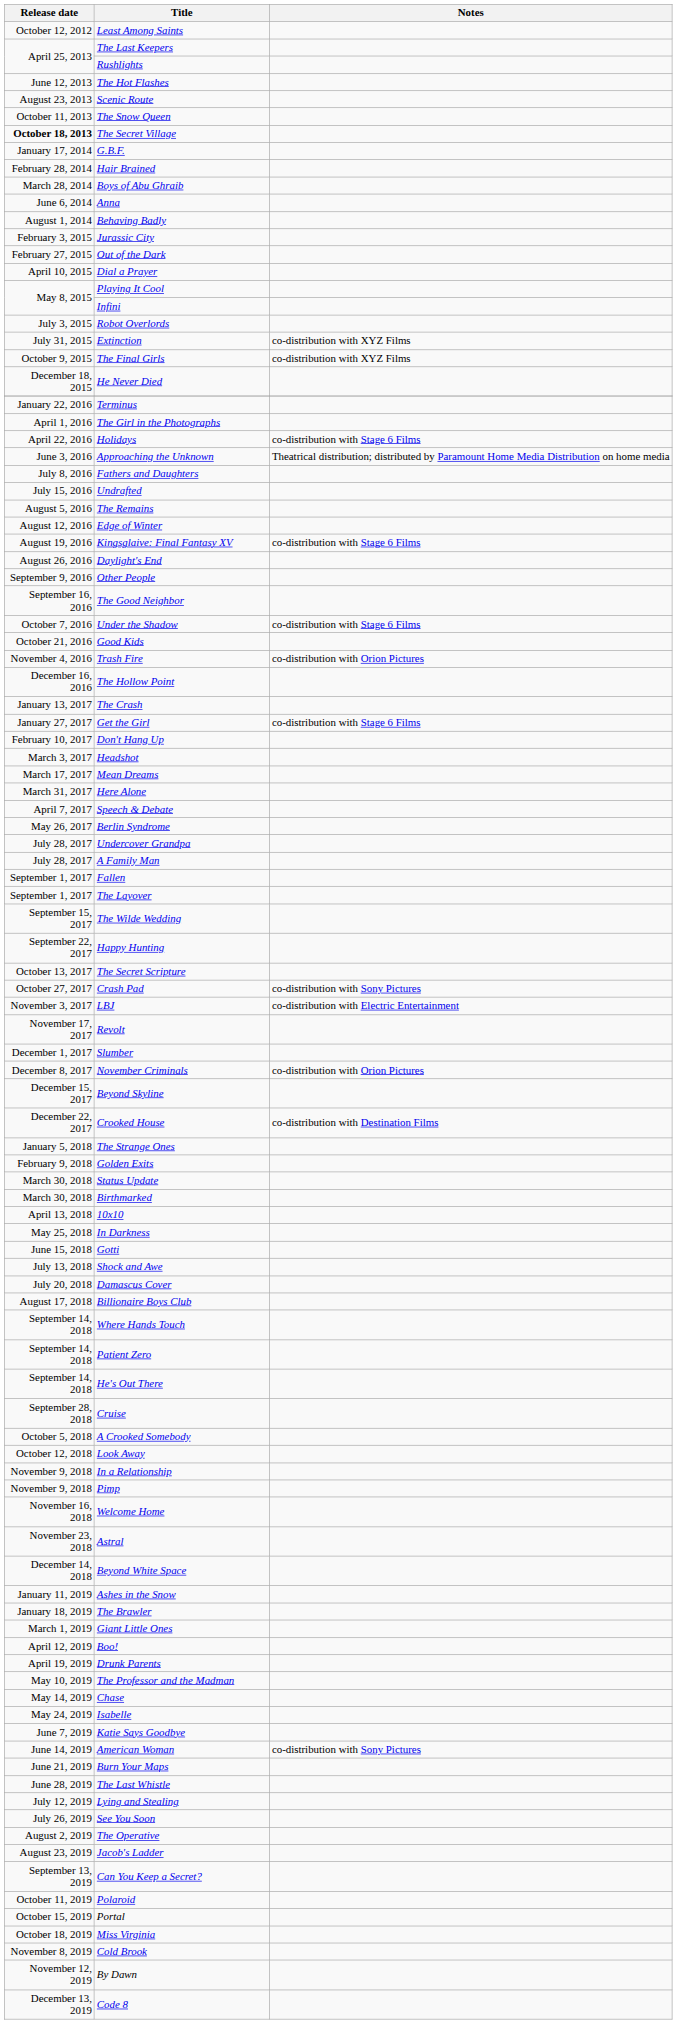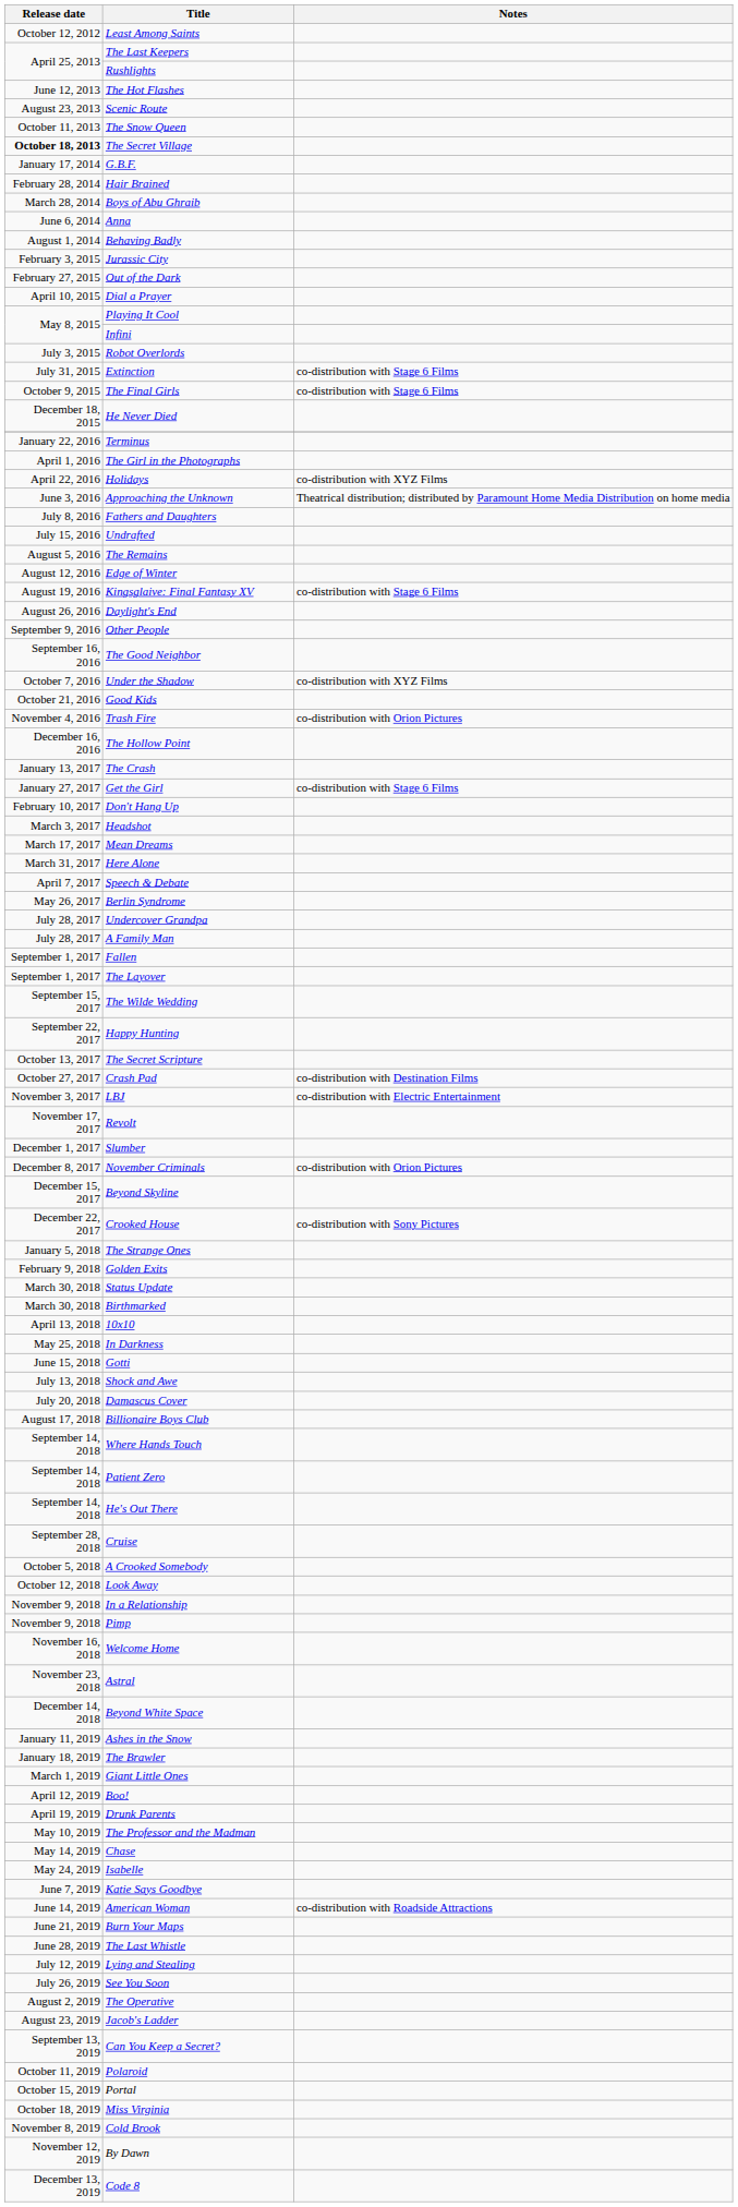 <table class="wikitable sortable">
 <tr>
 <th style="width:125px;">Release date</th>
 <th style="width:250px;">Title</th>
 <th>Notes</th>
 </tr>
 <tr>
 <td style="text-align:right;">October 12, 2012</td>
 <td><em><a href='#'>Least Among Saints</a></em></td>
 <td></td>
 </tr>
 <tr>
 <td rowspan="2" style="text-align:right;">April 25, 2013</td>
 <td><em><a href='#'>The Last Keepers</a></em></td>
 <td></td>
 </tr>
 <tr>
 <td><em><a href='#'>Rushlights</a></em></td>
 <td></td>
 </tr>
 <tr>
 <td style=text-align:right;>June 12, 2013</td>
 <td><em><a href='#'>The Hot Flashes</a></em></td>
 <td></td>
 </tr>
 <tr>
 <td style="text-align:right;">August 23, 2013</td>
 <td><em><a href='#'>Scenic Route</a></em></td>
 <td></td>
 </tr>
 <tr>
 <td style="text-align:right;">October 11, 2013</td>
 <td><em><a href='#'>The Snow Queen</a></em></td>
 <td></td>
 </tr>
 <tr>
 <td style =text-align:right;><strong>October 18, 2013</strong></td>
 <td><em><a href='#'>The Secret Village</a></em></td>
 <td></td>
 </tr>
 <tr>
 <td style="text-align:right;">January 17, 2014</td>
 <td><em><a href='#'>G.B.F.</a></em></td>
 <td></td>
 </tr>
 <tr>
 <td style="text-align:right;">February 28, 2014</td>
 <td><em><a href='#'>Hair Brained</a></em></td>
 <td></td>
 </tr>
 <tr>
 <td style="text-align:right;">March 28, 2014</td>
 <td><em><a href='#'>Boys of Abu Ghraib</a></em></td>
 <td></td>
 </tr>
 <tr>
 <td style="text-align:right;">June 6, 2014</td>
 <td><em><a href='#'>Anna</a></em></td>
 <td></td>
 </tr>
 <tr>
 <td style="text-align:right;">August 1, 2014</td>
 <td><em><a href='#'>Behaving Badly</a></em></td>
 <td></td>
 </tr>
 <tr>
 <td style="text-align:right;">February 3, 2015</td>
 <td><em><a href='#'>Jurassic City</a></em></td>
 <td></td>
 </tr>
 <tr>
 <td style="text-align:right;">February 27, 2015</td>
 <td><em><a href='#'>Out of the Dark</a></em></td>
 <td></td>
 </tr>
 <tr>
 <td style="text-align:right;">April 10, 2015</td>
 <td><em><a href='#'>Dial a Prayer</a></em></td>
 <td></td>
 </tr>
 <tr>
 <td rowspan="2" style="text-align:right;">May 8, 2015</td>
 <td><em><a href='#'>Playing It Cool</a></em></td>
 <td></td>
 </tr>
 <tr>
 <td><em><a href='#'>Infini</a></em></td>
 <td></td>
 </tr>
 <tr>
 <td style="text-align:right;">July 3, 2015</td>
 <td><em><a href='#'>Robot Overlords</a></em></td>
 <td></td>
 </tr>
 <tr>
 <td style=text-align:right;>July 31, 2015</td>
 <td><em><a href='#'>Extinction</a></em></td>
-<td>co-distribution with XYZ Films</td>
+<td>co-distribution with <a href='#'>Stage 6 Films</a></td>
 </tr>
 <tr>
 <td style=text-align:right;>October 9, 2015</td>
 <td><em><a href='#'>The Final Girls</a></em></td>
-<td>co-distribution with XYZ Films</td>
+<td>co-distribution with <a href='#'>Stage 6 Films</a></td>
 </tr>
 <tr>
 <td style=text-align:right;>December 18, 2015</td>
 <td><em><a href='#'>He Never Died</a></em></td>
 <td></td>
 </tr>
 <tr>
 </tr>
 <tr>
 <td style=text-align:right;>January 22, 2016</td>
 <td><em><a href='#'>Terminus</a></em></td>
 <td></td>
 </tr>
 <tr>
 <td style=text-align:right;>April 1, 2016</td>
 <td><em><a href='#'>The Girl in the Photographs</a></em></td>
 <td></td>
 </tr>
 <tr>
 <td style=text-align:right;>April 22, 2016</td>
 <td><em><a href='#'>Holidays</a></em></td>
-<td>co-distribution with <a href='#'>Stage 6 Films</a></td>
+<td>co-distribution with XYZ Films</td>
 </tr>
 <tr>
 <td style=text-align:right;>June 3, 2016</td>
 <td><em><a href='#'>Approaching the Unknown</a></em></td>
 <td>Theatrical distribution; distributed by <a href='#'>Paramount Home Media Distribution</a> on home media</td>
 </tr>
 <tr>
 <td style=text-align:right;>July 8, 2016</td>
 <td><em><a href='#'>Fathers and Daughters</a></em></td>
 <td></td>
 </tr>
 <tr>
 <td style=text-align:right;>July 15, 2016</td>
 <td><em><a href='#'>Undrafted</a></em></td>
 <td></td>
 </tr>
 <tr>
 <td style=text-align:right;>August 5, 2016</td>
 <td><em><a href='#'>The Remains</a></em></td>
 <td></td>
 </tr>
 <tr>
 <td style=text-align:right;>August 12, 2016</td>
 <td><em><a href='#'>Edge of Winter</a></em></td>
 <td></td>
 </tr>
 <tr>
 <td style=text-align:right;>August 19, 2016</td>
 <td><em><a href='#'>Kingsglaive: Final Fantasy XV</a></em></td>
 <td>co-distribution with <a href='#'>Stage 6 Films</a></td>
 </tr>
 <tr>
 <td style=text-align:right;>August 26, 2016</td>
 <td><em><a href='#'>Daylight's End</a></em></td>
 <td></td>
 </tr>
 <tr>
 <td style=text-align:right;>September 9, 2016</td>
 <td><em><a href='#'>Other People</a></em></td>
 <td></td>
 </tr>
 <tr>
 <td style=text-align:right;>September 16, 2016</td>
 <td><em><a href='#'>The Good Neighbor</a></em></td>
 <td></td>
 </tr>
 <tr>
 <td style=text-align:right;>October 7, 2016</td>
 <td><em><a href='#'>Under the Shadow</a></em></td>
-<td>co-distribution with <a href='#'>Stage 6 Films</a></td>
+<td>co-distribution with XYZ Films</td>
 </tr>
 <tr>
 <td style=text-align:right;>October 21, 2016</td>
 <td><em><a href='#'>Good Kids</a></em></td>
 <td></td>
 </tr>
 <tr>
 <td style=text-align:right;>November 4, 2016</td>
 <td><em><a href='#'>Trash Fire</a></em></td>
 <td>co-distribution with <a href='#'>Orion Pictures</a></td>
 </tr>
 <tr>
 <td style="text-align:right;">December 16, 2016</td>
 <td><em><a href='#'>The Hollow Point</a></em></td>
 <td></td>
 </tr>
 <tr>
 <td style=text-align:right;>January 13, 2017</td>
 <td><em><a href='#'>The Crash</a></em></td>
 <td></td>
 </tr>
 <tr>
 <td style=text-align:right;>January 27, 2017</td>
 <td><em><a href='#'>Get the Girl</a></em></td>
 <td>co-distribution with <a href='#'>Stage 6 Films</a></td>
 </tr>
 <tr>
 <td style="text-align:right;">February 10, 2017</td>
 <td><em><a href='#'>Don't Hang Up</a></em></td>
 <td></td>
 </tr>
 <tr>
 <td style=text-align:right;>March 3, 2017</td>
 <td><em><a href='#'>Headshot</a></em></td>
 <td></td>
 </tr>
 <tr>
 <td style=text-align:right;>March 17, 2017</td>
 <td><em><a href='#'>Mean Dreams</a></em></td>
 <td></td>
 </tr>
 <tr>
 <td style=text-align:right;>March 31, 2017</td>
 <td><em><a href='#'>Here Alone</a></em></td>
 <td></td>
 </tr>
 <tr>
 <td style=text-align:right;>April 7, 2017</td>
 <td><em><a href='#'>Speech & Debate</a></em></td>
 <td></td>
 </tr>
 <tr>
 <td style=text-align:right;>May 26, 2017</td>
 <td><em><a href='#'>Berlin Syndrome</a></em></td>
 <td></td>
 </tr>
 <tr>
 <td style=text-align:right;>July 28, 2017</td>
 <td><em><a href='#'>Undercover Grandpa</a></em></td>
 <td></td>
 </tr>
 <tr>
 <td style=text-align:right;>July 28, 2017</td>
 <td><em><a href='#'>A Family Man</a></em></td>
 <td></td>
 </tr>
 <tr>
 <td style=text-align:right;>September 1, 2017</td>
 <td><em><a href='#'>Fallen</a></em></td>
 <td></td>
 </tr>
 <tr>
 <td style="text-align:right;">September 1, 2017</td>
 <td><em><a href='#'>The Layover</a></em></td>
 <td></td>
 </tr>
 <tr>
 <td style="text-align:right;">September 15, 2017</td>
 <td><em><a href='#'>The Wilde Wedding</a></em></td>
 <td></td>
 </tr>
 <tr>
 <td style=text-align:right;>September 22, 2017</td>
 <td><em><a href='#'>Happy Hunting</a></em></td>
 <td></td>
 </tr>
 <tr>
 <td style=text-align:right;>October 13, 2017</td>
 <td><em><a href='#'>The Secret Scripture</a></em></td>
 <td></td>
 </tr>
 <tr>
 <td style=text-align:right;>October 27, 2017</td>
 <td><em><a href='#'>Crash Pad</a></em></td>
-<td>co-distribution with <a href='#'>Sony Pictures</a></td>
+<td>co-distribution with <a href='#'>Destination Films</a></td>
 </tr>
 <tr>
 <td style=text-align:right;>November 3, 2017</td>
 <td><em><a href='#'>LBJ</a></em></td>
 <td>co-distribution with <a href='#'>Electric Entertainment</a></td>
 </tr>
 <tr>
 <td style=text-align:right;>November 17, 2017</td>
 <td><em><a href='#'>Revolt</a></em></td>
 <td></td>
 </tr>
 <tr>
 <td style=text-align:right;>December 1, 2017</td>
 <td><em><a href='#'>Slumber</a></em></td>
 <td></td>
 </tr>
 <tr>
 <td style=text-align:right;>December 8, 2017</td>
 <td><em><a href='#'>November Criminals</a></em></td>
 <td>co-distribution with <a href='#'>Orion Pictures</a></td>
 </tr>
 <tr>
 <td style=text-align:right;>December 15, 2017</td>
 <td><em><a href='#'>Beyond Skyline</a></em></td>
 <td></td>
 </tr>
 <tr>
 <td style=text-align:right;>December 22, 2017</td>
 <td><em><a href='#'>Crooked House</a></em></td>
-<td>co-distribution with <a href='#'>Destination Films</a></td>
+<td>co-distribution with <a href='#'>Sony Pictures</a></td>
 </tr>
 <tr>
 <td style=text-align:right;>January 5, 2018</td>
 <td><em><a href='#'>The Strange Ones</a></em></td>
 <td></td>
 </tr>
 <tr>
 <td style=text-align:right;>February 9, 2018</td>
 <td><em><a href='#'>Golden Exits</a></em></td>
 <td></td>
 </tr>
 <tr>
 <td style=text-align:right;>March 30, 2018</td>
 <td><em><a href='#'>Status Update</a></em></td>
 <td></td>
 </tr>
 <tr>
 <td style=text-align:right;>March 30, 2018</td>
 <td><em><a href='#'>Birthmarked</a></em></td>
 <td></td>
 </tr>
 <tr>
 <td style=text-align:right;>April 13, 2018</td>
 <td><em><a href='#'>10x10</a></em></td>
 <td></td>
 </tr>
 <tr>
 <td style=text-align:right;>May 25, 2018</td>
 <td><em><a href='#'>In Darkness</a></em></td>
 <td></td>
 </tr>
 <tr>
 <td style=text-align:right;>June 15, 2018</td>
 <td><em><a href='#'>Gotti</a></em></td>
 <td></td>
 </tr>
 <tr>
 <td style=text-align:right;>July 13, 2018</td>
 <td><em><a href='#'>Shock and Awe</a></em></td>
 <td></td>
 </tr>
 <tr>
 <td style=text-align:right;>July 20, 2018</td>
 <td><em><a href='#'>Damascus Cover</a></em></td>
 <td></td>
 </tr>
 <tr>
 <td style=text-align:right;>August 17, 2018</td>
 <td><em><a href='#'>Billionaire Boys Club</a></em></td>
 <td></td>
 </tr>
 <tr>
 <td style=text-align:right;>September 14, 2018</td>
 <td><em><a href='#'>Where Hands Touch</a></em></td>
 <td></td>
 </tr>
 <tr>
 <td style=text-align:right;>September 14, 2018</td>
 <td><em><a href='#'>Patient Zero</a></em></td>
 <td></td>
 </tr>
 <tr>
 <td style=text-align:right;>September 14, 2018</td>
 <td><em><a href='#'>He's Out There</a></em></td>
 <td></td>
 </tr>
 <tr>
 <td style=text-align:right;>September 28, 2018</td>
 <td><em><a href='#'>Cruise</a></em></td>
 <td></td>
 </tr>
 <tr>
 <td style=text-align:right;>October 5, 2018</td>
 <td><em><a href='#'>A Crooked Somebody</a></em></td>
 <td></td>
 </tr>
 <tr>
 <td style=text-align:right;>October 12, 2018</td>
 <td><em><a href='#'>Look Away</a></em></td>
 <td></td>
 </tr>
 <tr>
 <td style=text-align:right;>November 9, 2018</td>
 <td><em><a href='#'>In a Relationship</a></em></td>
 <td></td>
 </tr>
 <tr>
 <td style=text-align:right;>November 9, 2018</td>
 <td><em><a href='#'>Pimp</a></em></td>
 <td></td>
 </tr>
 <tr>
 <td style=text-align:right;>November 16, 2018</td>
 <td><em><a href='#'>Welcome Home</a></em></td>
 <td></td>
 </tr>
 <tr>
 <td style=text-align:right;>November 23, 2018</td>
 <td><em><a href='#'>Astral</a></em></td>
 <td></td>
 </tr>
 <tr>
 <td style=text-align:right;>December 14, 2018</td>
 <td><em><a href='#'>Beyond White Space</a></em></td>
 <td></td>
 </tr>
 <tr>
 <td style=text-align:right;>January 11, 2019</td>
 <td><em><a href='#'>Ashes in the Snow</a></em></td>
 <td></td>
 </tr>
 <tr>
 <td style=text-align:right;>January 18, 2019</td>
 <td><em><a href='#'>The Brawler</a></em></td>
 <td></td>
 </tr>
 <tr>
 <td style=text-align:right;>March 1, 2019</td>
 <td><em><a href='#'>Giant Little Ones</a></em></td>
 <td></td>
 </tr>
 <tr>
 <td style=text-align:right;>April 12, 2019</td>
 <td><em><a href='#'>Boo!</a></em></td>
 <td></td>
 </tr>
 <tr>
 <td style=text-align:right;>April 19, 2019</td>
 <td><em><a href='#'>Drunk Parents</a></em></td>
 <td></td>
 </tr>
 <tr>
 <td style=text-align:right;>May 10, 2019</td>
 <td><em><a href='#'>The Professor and the Madman</a></em></td>
 <td></td>
 </tr>
 <tr>
 <td style=text-align:right;>May 14, 2019</td>
 <td><em><a href='#'>Chase</a></em></td>
 <td></td>
 </tr>
 <tr>
 <td style=text-align:right;>May 24, 2019</td>
 <td><em><a href='#'>Isabelle</a></em></td>
 <td></td>
 </tr>
 <tr>
 <td style=text-align:right;>June 7, 2019</td>
 <td><em><a href='#'>Katie Says Goodbye</a></em></td>
 <td></td>
 </tr>
 <tr>
 <td style=text-align:right;>June 14, 2019</td>
 <td><em><a href='#'>American Woman</a></em></td>
-<td>co-distribution with <a href='#'>Sony Pictures</a></td>
+<td>co-distribution with <a href='#'>Roadside Attractions</a></td>
 </tr>
 <tr>
 <td style=text-align:right;>June 21, 2019</td>
 <td><em><a href='#'>Burn Your Maps</a></em></td>
 <td></td>
 </tr>
 <tr>
 <td style=text-align:right;>June 28, 2019</td>
 <td><em><a href='#'>The Last Whistle</a></em></td>
 <td></td>
 </tr>
 <tr>
 <td style=text-align:right;>July 12, 2019</td>
 <td><em><a href='#'>Lying and Stealing</a></em></td>
 <td></td>
 </tr>
 <tr>
 <td style="text-align:right;">July 26, 2019</td>
 <td><em><a href='#'>See You Soon</a></em></td>
 <td></td>
 </tr>
 <tr>
 <td style=text-align:right;>August 2, 2019</td>
 <td><em><a href='#'>The Operative</a></em></td>
 <td></td>
 </tr>
 <tr>
 <td style=text-align:right;>August 23, 2019</td>
 <td><em><a href='#'>Jacob's Ladder</a></em></td>
 <td></td>
 </tr>
 <tr>
 <td style=text-align:right;>September 13, 2019</td>
 <td><em><a href='#'>Can You Keep a Secret?</a></em></td>
 <td></td>
 </tr>
 <tr>
 <td style=text-align:right;>October 11, 2019</td>
 <td><em><a href='#'>Polaroid</a></em></td>
 <td></td>
 </tr>
 <tr>
 <td style=text-align:right;>October 15, 2019</td>
 <td><em>Portal</em></td>
 <td></td>
 </tr>
 <tr>
 <td style=text-align:right;>October 18, 2019</td>
 <td><em><a href='#'>Miss Virginia</a></em></td>
 <td></td>
 </tr>
 <tr>
 <td style=text-align:right;>November 8, 2019</td>
 <td><em><a href='#'>Cold Brook</a></em></td>
 <td></td>
 </tr>
 <tr>
 <td style=text-align:right;>November 12, 2019</td>
 <td><em>By Dawn</em></td>
 <td></td>
 </tr>
 <tr>
 <td style=text-align:right;>December 13, 2019</td>
 <td><em><a href='#'>Code 8</a></em></td>
 <td></td>
 </tr>
 </table>
